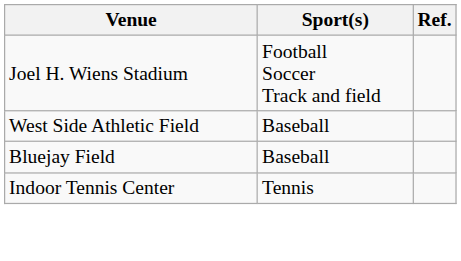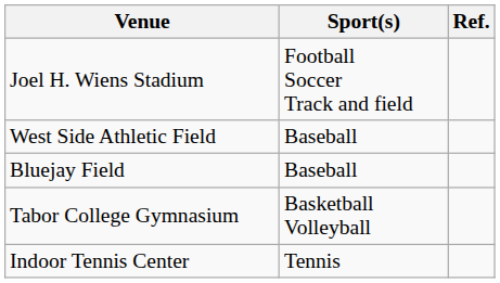 <table class="wikitable"; style= "text-align: ">
 <tr>
 <th width=200px>Venue</th>
 <th width=120px>Sport(s)</th>
 <th width=px>Ref.</th>
 </tr>
 <tr>
 <td>Joel H. Wiens Stadium</td>
 <td>Football <br> Soccer <br> Track and field</td>
 <td></td>
 </tr>
 <tr>
 <td>West Side Athletic Field</td>
 <td>Baseball</td>
 <td></td>
 </tr>
 <tr>
 <td>Bluejay Field</td>
 <td>Baseball</td>
 <td></td>
 </tr>
 <tr>
+<td>Tabor College Gymnasium</td>
+<td>Basketball <br> Volleyball</td>
+<td></td>
+</tr>
+<tr>
 <td>Indoor Tennis Center</td>
 <td>Tennis</td>
 <td></td>
 </tr>
 </table>
